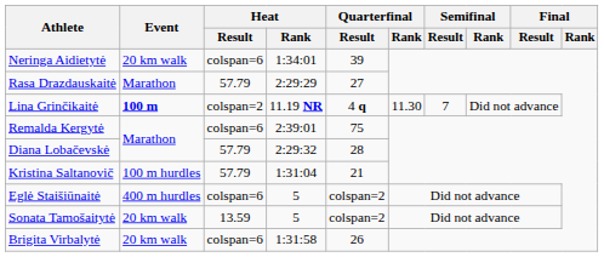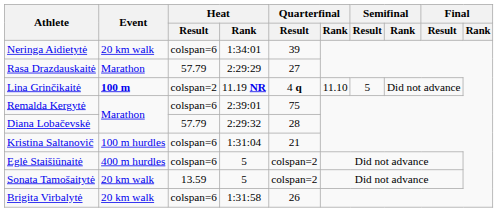 <table class="wikitable" style="font-size:90%">
 <tr>
 <th rowspan="2">Athlete</th>
 <th rowspan="2">Event</th>
 <th colspan="2">Heat</th>
 <th colspan="2">Quarterfinal</th>
 <th colspan="2">Semifinal</th>
 <th colspan="2">Final</th>
 </tr>
 <tr style="font-size:95%">
 <th>Result</th>
 <th>Rank</th>
 <th>Result</th>
 <th>Rank</th>
 <th>Result</th>
 <th>Rank</th>
 <th>Result</th>
 <th>Rank</th>
 </tr>
 <tr align=center>
 <td align=left><a href='#'>Neringa Aidietytė</a></td>
 <td align=left><a href='#'>20 km walk</a></td>
 <td>colspan=6 </td>
 <td>1:34:01</td>
 <td>39</td>
 </tr>
 <tr align=center>
 <td align=left><a href='#'>Rasa Drazdauskaitė</a></td>
 <td align=left><a href='#'>Marathon</a></td>
 <td>57.79</td>
 <td>2:29:29</td>
 <td>27</td>
 </tr>
 <tr align=center>
 <td align=left><a href='#'>Lina Grinčikaitė</a></td>
 <td align=left><strong><a href='#'>100 m</a></strong></td>
 <td>colspan=2 </td>
 <td>11.19 <strong><a href='#'>NR</a></strong></td>
 <td>4 <strong>q</strong></td>
-<td>11.30</td>
-<td>7</td>
+<td>11.10</td>
+<td>5</td>
 <td colspan=2>Did not advance</td>
 </tr>
 <tr align=center>
 <td align=left><a href='#'>Remalda Kergytė</a></td>
 <td align=left rowspan=2><a href='#'>Marathon</a></td>
 <td>colspan=6 </td>
 <td>2:39:01</td>
 <td>75</td>
 </tr>
 <tr align=center>
 <td align=left><a href='#'>Diana Lobačevskė</a></td>
 <td>57.79</td>
 <td>2:29:32</td>
 <td>28</td>
 </tr>
 <tr align=center>
 <td align=left><a href='#'>Kristina Saltanovič</a></td>
 <td align=left><a href='#'>100 m hurdles</a></td>
-<td>57.79</td>
+<td>colspan=6 </td>
 <td>1:31:04</td>
 <td>21</td>
 </tr>
 <tr align=center>
 <td align=left><a href='#'>Eglė Staišiūnaitė</a></td>
 <td align=left><a href='#'>400 m hurdles</a></td>
 <td>colspan=6 </td>
 <td>5</td>
 <td>colspan=2 </td>
 <td colspan=4>Did not advance</td>
 </tr>
 <tr align=center>
 <td align=left><a href='#'>Sonata Tamošaitytė</a></td>
 <td align=left><a href='#'>20 km walk</a></td>
 <td>13.59</td>
 <td>5</td>
 <td>colspan=2 </td>
 <td colspan=4>Did not advance</td>
 </tr>
 <tr align=center>
 <td align=left><a href='#'>Brigita Virbalytė</a></td>
 <td align=left><a href='#'>20 km walk</a></td>
 <td>colspan=6 </td>
 <td>1:31:58</td>
 <td>26</td>
 </tr>
 </table>
